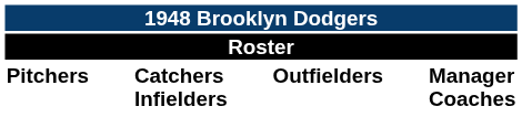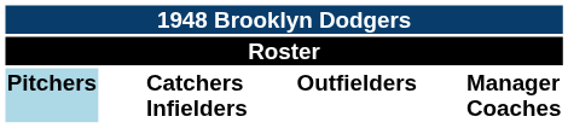 <table class="toccolours" style="font-size: 95%;">
 <tr>
 <th colspan="10" style="background:#083c6b; color:white; text-align:center;">1948 Brooklyn Dodgers</th>
 </tr>
 <tr>
 <td colspan="10" style="background:black; color:white; text-align:center;"><strong>Roster</strong></td>
 </tr>
 <tr>
-<td valign="top"><strong>Pitchers</strong><br>                 </td>
+<td valign="top" style="background: lightblue;"><strong>Pitchers</strong><br>                 </td>
 <td style="width:25px;"></td>
 <td valign="top"><strong>Catchers</strong><br>   <strong>Infielders</strong>          </td>
 <td style="width:25px;"></td>
 <td valign="top"><strong>Outfielders</strong><br>        </td>
 <td style="width:25px;"></td>
 <td valign="top"><strong>Manager</strong><br>   <strong>Coaches</strong>   </td>
 </tr>
 </table>
